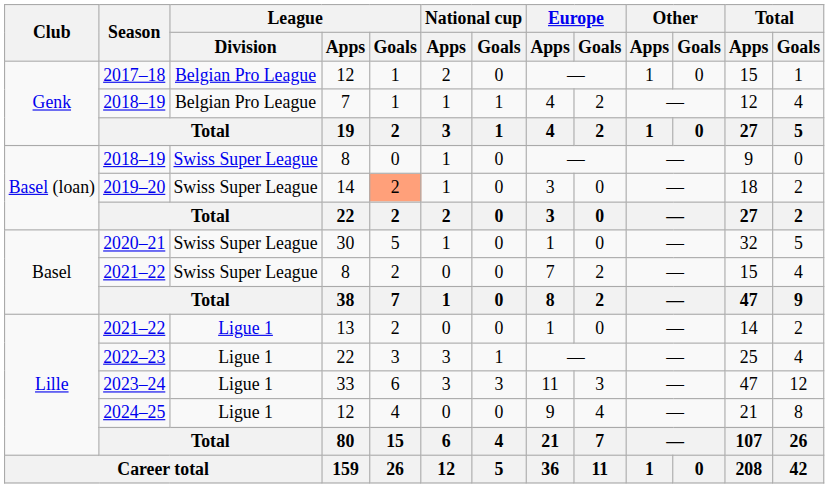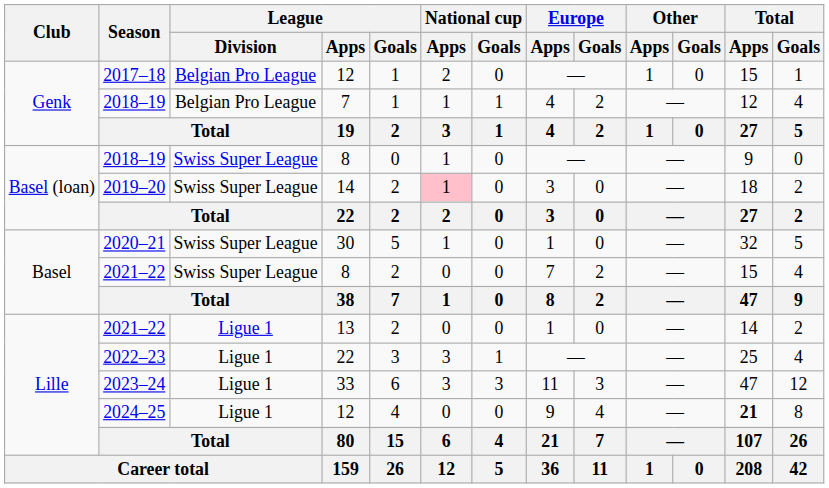 <table class="wikitable" style="text-align:center">
 <tr>
 <th rowspan="2">Club</th>
 <th rowspan="2">Season</th>
 <th colspan="3">League</th>
 <th colspan="2">National cup</th>
 <th colspan="2"><a href='#'>Europe</a></th>
 <th colspan="2">Other</th>
 <th colspan="2">Total</th>
 </tr>
 <tr>
 <th>Division</th>
 <th>Apps</th>
 <th>Goals</th>
 <th>Apps</th>
 <th>Goals</th>
 <th>Apps</th>
 <th>Goals</th>
 <th>Apps</th>
 <th>Goals</th>
 <th>Apps</th>
 <th>Goals</th>
 </tr>
 <tr>
 <td rowspan="3"><a href='#'>Genk</a></td>
 <td><a href='#'>2017–18</a></td>
 <td><a href='#'>Belgian Pro League</a></td>
 <td>12</td>
 <td>1</td>
 <td>2</td>
 <td>0</td>
 <td colspan="2">—</td>
 <td>1</td>
 <td>0</td>
 <td>15</td>
 <td>1</td>
 </tr>
 <tr>
 <td><a href='#'>2018–19</a></td>
 <td>Belgian Pro League</td>
 <td>7</td>
 <td>1</td>
 <td>1</td>
 <td>1</td>
 <td>4</td>
 <td>2</td>
 <td colspan="2">—</td>
 <td>12</td>
 <td>4</td>
 </tr>
 <tr>
 <th colspan="2">Total</th>
 <th>19</th>
 <th>2</th>
 <th>3</th>
 <th>1</th>
 <th>4</th>
 <th>2</th>
 <th>1</th>
 <th>0</th>
 <th>27</th>
 <th>5</th>
 </tr>
 <tr>
 <td rowspan="3"><a href='#'>Basel</a> (loan)</td>
 <td><a href='#'>2018–19</a></td>
 <td><a href='#'>Swiss Super League</a></td>
 <td>8</td>
 <td>0</td>
 <td>1</td>
 <td>0</td>
 <td colspan="2">—</td>
 <td colspan="2">—</td>
 <td>9</td>
 <td>0</td>
 </tr>
 <tr>
 <td><a href='#'>2019–20</a></td>
 <td>Swiss Super League</td>
 <td>14</td>
-<td style="background: lightsalmon;">2</td>
-<td>1</td>
+<td>2</td>
+<td style="background: pink;">1</td>
 <td>0</td>
 <td>3</td>
 <td>0</td>
 <td colspan="2">—</td>
 <td>18</td>
 <td>2</td>
 </tr>
 <tr>
 <th colspan="2">Total</th>
 <th>22</th>
 <th>2</th>
 <th>2</th>
 <th>0</th>
 <th>3</th>
 <th>0</th>
 <th colspan="2">—</th>
 <th>27</th>
 <th>2</th>
 </tr>
 <tr>
 <td rowspan="3">Basel</td>
 <td><a href='#'>2020–21</a></td>
 <td>Swiss Super League</td>
 <td>30</td>
 <td>5</td>
 <td>1</td>
 <td>0</td>
 <td>1</td>
 <td>0</td>
 <td colspan="2">—</td>
 <td>32</td>
 <td>5</td>
 </tr>
 <tr>
 <td><a href='#'>2021–22</a></td>
 <td>Swiss Super League</td>
 <td>8</td>
 <td>2</td>
 <td>0</td>
 <td>0</td>
 <td>7</td>
 <td>2</td>
 <td colspan="2">—</td>
 <td>15</td>
 <td>4</td>
 </tr>
 <tr>
 <th colspan="2">Total</th>
 <th>38</th>
 <th>7</th>
 <th>1</th>
 <th>0</th>
 <th>8</th>
 <th>2</th>
 <th colspan="2">—</th>
 <th>47</th>
 <th>9</th>
 </tr>
 <tr>
 <td rowspan="5"><a href='#'>Lille</a></td>
 <td><a href='#'>2021–22</a></td>
 <td><a href='#'>Ligue 1</a></td>
 <td>13</td>
 <td>2</td>
 <td>0</td>
 <td>0</td>
 <td>1</td>
 <td>0</td>
 <td colspan="2">—</td>
 <td>14</td>
 <td>2</td>
 </tr>
 <tr>
 <td><a href='#'>2022–23</a></td>
 <td>Ligue 1</td>
 <td>22</td>
 <td>3</td>
 <td>3</td>
 <td>1</td>
 <td colspan="2">—</td>
 <td colspan="2">—</td>
 <td>25</td>
 <td>4</td>
 </tr>
 <tr>
 <td><a href='#'>2023–24</a></td>
 <td>Ligue 1</td>
 <td>33</td>
 <td>6</td>
 <td>3</td>
 <td>3</td>
 <td>11</td>
 <td>3</td>
 <td colspan="2">—</td>
 <td>47</td>
 <td>12</td>
 </tr>
 <tr>
 <td><a href='#'>2024–25</a></td>
 <td>Ligue 1</td>
 <td>12</td>
 <td>4</td>
 <td>0</td>
 <td>0</td>
 <td>9</td>
 <td>4</td>
 <td colspan="2">—</td>
-<td>21</td>
+<td><strong>21</strong></td>
 <td>8</td>
 </tr>
 <tr>
 <th colspan="2">Total</th>
 <th>80</th>
 <th>15</th>
 <th>6</th>
 <th>4</th>
 <th>21</th>
 <th>7</th>
 <th colspan="2">—</th>
 <th>107</th>
 <th>26</th>
 </tr>
 <tr>
 <th colspan="3">Career total</th>
 <th>159</th>
 <th>26</th>
 <th>12</th>
 <th>5</th>
 <th>36</th>
 <th>11</th>
 <th>1</th>
 <th>0</th>
 <th>208</th>
 <th>42</th>
 </tr>
 </table>
